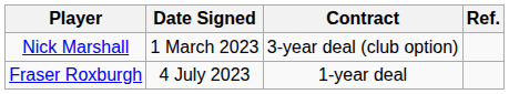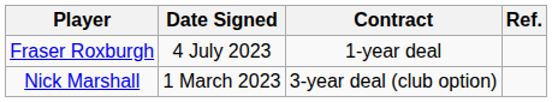 <table class="wikitable sortable sortable" style="text-align: center">
 <tr>
 <th>Player</th>
 <th>Date Signed</th>
 <th>Contract</th>
 <th>Ref.</th>
 </tr>
 <tr>
+<td><a href='#'>Fraser Roxburgh</a></td>
+<td>4 July 2023</td>
+<td>1-year deal</td>
+<td></td>
+</tr>
+<tr>
 <td><a href='#'>Nick Marshall</a></td>
 <td>1 March 2023</td>
 <td>3-year deal (club option)</td>
 <td></td>
 </tr>
 <tr>
-<td><a href='#'>Fraser Roxburgh</a></td>
-<td>4 July 2023</td>
-<td>1-year deal</td>
-<td></td>
-</tr>
-<tr>
 </tr>
 </table>
